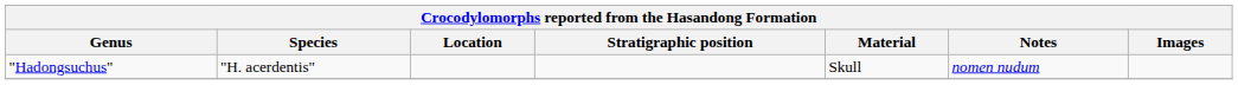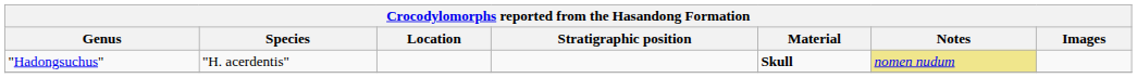 <table class="wikitable" align="center" width="100%">
 <tr>
 <th colspan="7" align="center"><strong><a href='#'>Crocodylomorphs</a> reported from the Hasandong Formation</strong></th>
 </tr>
 <tr>
 <th>Genus</th>
 <th>Species</th>
 <th>Location</th>
 <th>Stratigraphic position</th>
 <th>Material</th>
 <th>Notes</th>
 <th>Images</th>
 </tr>
 <tr>
 <td>"<a href='#'>Hadongsuchus</a>"</td>
 <td>"H. acerdentis"</td>
 <td></td>
 <td></td>
-<td>Skull</td>
-<td><em><a href='#'>nomen nudum</a></em></td>
+<td><strong>Skull</strong></td>
+<td style="background: khaki;"><em><a href='#'>nomen nudum</a></em></td>
 <td></td>
 </tr>
 <tr>
 </tr>
 </table>
